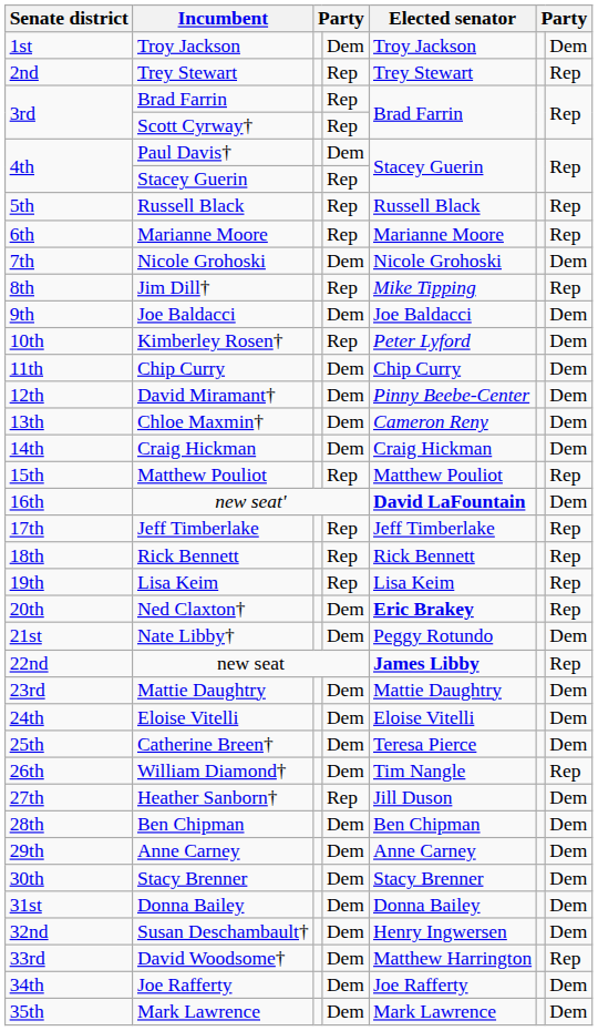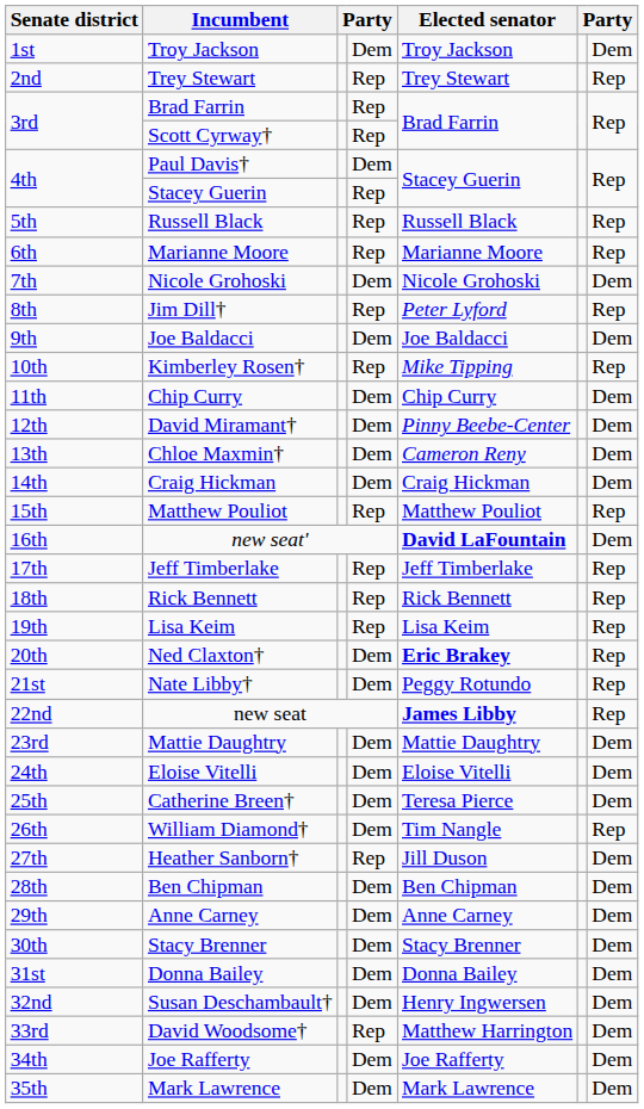 <table class="sortable wikitable" style="font-size:95%;line-height:14px;"!!class="unsortable">
 <tr>
 <th>Senate district</th>
 <th class="unsortable"><a href='#'>Incumbent</a></th>
 <th colspan=2>Party</th>
 <th class="unsortable">Elected senator</th>
 <th colspan=2>Party</th>
 </tr>
 <tr>
 <td><a href='#'>1st</a></td>
 <td><a href='#'>Troy Jackson</a></td>
 <td style="background:"></td>
 <td>Dem</td>
 <td><a href='#'>Troy Jackson</a></td>
 <td style="background:"></td>
 <td>Dem</td>
 </tr>
 <tr>
 <td><a href='#'>2nd</a></td>
 <td><a href='#'>Trey Stewart</a></td>
 <td style="background:"></td>
 <td>Rep</td>
 <td><a href='#'>Trey Stewart</a></td>
 <td style="background:"></td>
 <td>Rep</td>
 </tr>
 <tr>
 <td rowspan=2><a href='#'>3rd</a></td>
 <td><a href='#'>Brad Farrin</a></td>
 <td style="background:"></td>
 <td>Rep</td>
 <td rowspan=2><a href='#'>Brad Farrin</a></td>
 <td rowspan=2 style="background:"></td>
 <td rowspan=2>Rep</td>
 </tr>
 <tr>
 <td><a href='#'>Scott Cyrway</a>†</td>
 <td style="background:"></td>
 <td>Rep</td>
 </tr>
 <tr>
 <td rowspan=2><a href='#'>4th</a></td>
 <td><a href='#'>Paul Davis</a>†</td>
 <td style="background:"></td>
 <td>Dem</td>
 <td rowspan=2><a href='#'>Stacey Guerin</a></td>
 <td rowspan=2 style="background:"></td>
 <td rowspan=2>Rep</td>
 </tr>
 <tr>
 <td><a href='#'>Stacey Guerin</a></td>
 <td style="background:"></td>
 <td>Rep</td>
 </tr>
 <tr>
 <td><a href='#'>5th</a></td>
 <td><a href='#'>Russell Black</a></td>
 <td style="background:"></td>
 <td>Rep</td>
 <td><a href='#'>Russell Black</a></td>
 <td style="background:"></td>
 <td>Rep</td>
 </tr>
 <tr>
 <td><a href='#'>6th</a></td>
 <td><a href='#'>Marianne Moore</a></td>
 <td style="background:"></td>
 <td>Rep</td>
 <td><a href='#'>Marianne Moore</a></td>
 <td style="background:"></td>
 <td>Rep</td>
 </tr>
 <tr>
 <td><a href='#'>7th</a></td>
 <td><a href='#'>Nicole Grohoski</a></td>
 <td style="background:"></td>
 <td>Dem</td>
 <td><a href='#'>Nicole Grohoski</a></td>
 <td style="background:"></td>
 <td>Dem</td>
 </tr>
 <tr>
 <td><a href='#'>8th</a></td>
 <td><a href='#'>Jim Dill</a>†</td>
 <td style="background:"></td>
 <td>Rep</td>
-<td><em><a href='#'>Mike Tipping</a></em></td>
+<td><em><a href='#'>Peter Lyford</a></em></td>
 <td style="background:"></td>
 <td>Rep</td>
 </tr>
 <tr>
 <td><a href='#'>9th</a></td>
 <td><a href='#'>Joe Baldacci</a></td>
 <td style="background:"></td>
 <td>Dem</td>
 <td><a href='#'>Joe Baldacci</a></td>
 <td style="background:"></td>
 <td>Dem</td>
 </tr>
 <tr>
 <td><a href='#'>10th</a></td>
 <td><a href='#'>Kimberley Rosen</a>†</td>
 <td style="background:"></td>
 <td>Rep</td>
-<td><em><a href='#'>Peter Lyford</a></em></td>
+<td><em><a href='#'>Mike Tipping</a></em></td>
 <td style="background:"></td>
-<td>Dem</td>
+<td>Rep</td>
 </tr>
 <tr>
 <td><a href='#'>11th</a></td>
 <td><a href='#'>Chip Curry</a></td>
 <td style="background:"></td>
 <td>Dem</td>
 <td><a href='#'>Chip Curry</a></td>
 <td style="background:"></td>
 <td>Dem</td>
 </tr>
 <tr>
 <td><a href='#'>12th</a></td>
 <td><a href='#'>David Miramant</a>†</td>
 <td style="background:"></td>
 <td>Dem</td>
 <td><em><a href='#'>Pinny Beebe-Center</a></em></td>
 <td style="background:"></td>
 <td>Dem</td>
 </tr>
 <tr>
 <td><a href='#'>13th</a></td>
 <td><a href='#'>Chloe Maxmin</a>†</td>
 <td style="background:"></td>
 <td>Dem</td>
 <td><em><a href='#'>Cameron Reny</a></em></td>
 <td style="background:"></td>
 <td>Dem</td>
 </tr>
 <tr>
 <td><a href='#'>14th</a></td>
 <td><a href='#'>Craig Hickman</a></td>
 <td style="background:"></td>
 <td>Dem</td>
 <td><a href='#'>Craig Hickman</a></td>
 <td style="background:"></td>
 <td>Dem</td>
 </tr>
 <tr>
 <td><a href='#'>15th</a></td>
 <td><a href='#'>Matthew Pouliot</a></td>
 <td style="background:"></td>
 <td>Rep</td>
 <td><a href='#'>Matthew Pouliot</a></td>
 <td style="background:"></td>
 <td>Rep</td>
 </tr>
 <tr>
 <td><a href='#'>16th</a></td>
 <td colspan=3 align=center><em>new seat'</td>
 <td><strong><a href='#'>David LaFountain</a></strong></td>
 <td style="background:"></td>
 <td>Dem</td>
 </tr>
 <tr>
 <td><a href='#'>17th</a></td>
 <td><a href='#'>Jeff Timberlake</a></td>
 <td style="background:"></td>
 <td>Rep</td>
 <td><a href='#'>Jeff Timberlake</a></td>
 <td style="background:"></td>
 <td>Rep</td>
 </tr>
 <tr>
 <td><a href='#'>18th</a></td>
 <td><a href='#'>Rick Bennett</a></td>
 <td style="background:"></td>
 <td>Rep</td>
 <td><a href='#'>Rick Bennett</a></td>
 <td style="background:"></td>
 <td>Rep</td>
 </tr>
 <tr>
 <td><a href='#'>19th</a></td>
 <td><a href='#'>Lisa Keim</a></td>
 <td style="background:"></td>
 <td>Rep</td>
 <td><a href='#'>Lisa Keim</a></td>
 <td style="background:"></td>
 <td>Rep</td>
 </tr>
 <tr>
 <td><a href='#'>20th</a></td>
 <td><a href='#'>Ned Claxton</a>†</td>
 <td style="background:"></td>
 <td>Dem</td>
 <td><strong><a href='#'>Eric Brakey</a></strong></td>
 <td style="background:"></td>
 <td>Rep</td>
 </tr>
 <tr>
 <td><a href='#'>21st</a></td>
 <td><a href='#'>Nate Libby</a>†</td>
 <td style="background:"></td>
 <td>Dem</td>
 <td></em><a href='#'>Peggy Rotundo</a><em></td>
 <td style="background:"></td>
-<td>Dem</td>
+<td>Rep</td>
 </tr>
 <tr>
 <td><a href='#'>22nd</a></td>
 <td colspan=3 align=center></em>new seat<em></td>
 <td><strong><a href='#'>James Libby</a></strong></td>
 <td style="background:"></td>
 <td>Rep</td>
 </tr>
 <tr>
 <td><a href='#'>23rd</a></td>
 <td><a href='#'>Mattie Daughtry</a></td>
 <td style="background:"></td>
 <td>Dem</td>
 <td><a href='#'>Mattie Daughtry</a></td>
 <td style="background:"></td>
 <td>Dem</td>
 </tr>
 <tr>
 <td><a href='#'>24th</a></td>
 <td><a href='#'>Eloise Vitelli</a></td>
 <td style="background:"></td>
 <td>Dem</td>
 <td><a href='#'>Eloise Vitelli</a></td>
 <td style="background:"></td>
 <td>Dem</td>
 </tr>
 <tr>
 <td><a href='#'>25th</a></td>
 <td><a href='#'>Catherine Breen</a>†</td>
 <td style="background:"></td>
 <td>Dem</td>
 <td></em><a href='#'>Teresa Pierce</a><em></td>
 <td style="background:"></td>
 <td>Dem</td>
 </tr>
 <tr>
 <td><a href='#'>26th</a></td>
 <td><a href='#'>William Diamond</a>†</td>
 <td style="background:"></td>
 <td>Dem</td>
 <td></em><a href='#'>Tim Nangle</a><em></td>
 <td style="background:"></td>
 <td>Rep</td>
 </tr>
 <tr>
 <td><a href='#'>27th</a></td>
 <td><a href='#'>Heather Sanborn</a>†</td>
 <td style="background:"></td>
 <td>Rep</td>
 <td></em><a href='#'>Jill Duson</a><em></td>
 <td style="background:"></td>
 <td>Dem</td>
 </tr>
 <tr>
 <td><a href='#'>28th</a></td>
 <td><a href='#'>Ben Chipman</a></td>
 <td style="background:"></td>
 <td>Dem</td>
 <td><a href='#'>Ben Chipman</a></td>
 <td style="background:"></td>
 <td>Dem</td>
 </tr>
 <tr>
 <td><a href='#'>29th</a></td>
 <td><a href='#'>Anne Carney</a></td>
 <td style="background:"></td>
 <td>Dem</td>
 <td><a href='#'>Anne Carney</a></td>
 <td style="background:"></td>
 <td>Dem</td>
 </tr>
 <tr>
 <td><a href='#'>30th</a></td>
 <td><a href='#'>Stacy Brenner</a></td>
 <td style="background:"></td>
 <td>Dem</td>
 <td><a href='#'>Stacy Brenner</a></td>
 <td style="background:"></td>
 <td>Dem</td>
 </tr>
 <tr>
 <td><a href='#'>31st</a></td>
 <td><a href='#'>Donna Bailey</a></td>
 <td style="background:"></td>
 <td>Dem</td>
 <td><a href='#'>Donna Bailey</a></td>
 <td style="background:"></td>
 <td>Dem</td>
 </tr>
 <tr>
 <td><a href='#'>32nd</a></td>
 <td><a href='#'>Susan Deschambault</a>†</td>
 <td style="background:"></td>
 <td>Dem</td>
 <td></em><a href='#'>Henry Ingwersen</a><em></td>
 <td style="background:"></td>
 <td>Dem</td>
 </tr>
 <tr>
 <td><a href='#'>33rd</a></td>
 <td><a href='#'>David Woodsome</a>†</td>
 <td style="background:"></td>
-<td>Dem</td>
+<td>Rep</td>
 <td></em><a href='#'>Matthew Harrington</a><em></td>
 <td style="background:"></td>
-<td>Rep</td>
+<td>Dem</td>
 </tr>
 <tr>
 <td><a href='#'>34th</a></td>
 <td><a href='#'>Joe Rafferty</a></td>
 <td style="background:"></td>
 <td>Dem</td>
 <td><a href='#'>Joe Rafferty</a></td>
 <td style="background:"></td>
 <td>Dem</td>
 </tr>
 <tr>
 <td><a href='#'>35th</a></td>
 <td><a href='#'>Mark Lawrence</a></td>
 <td style="background:"></td>
 <td>Dem</td>
 <td><a href='#'>Mark Lawrence</a></td>
 <td style="background:"></td>
 <td>Dem</td>
 </tr>
 </table>
